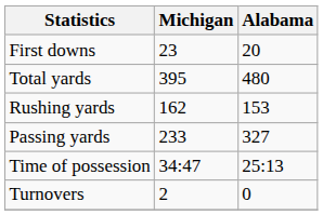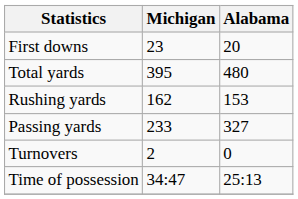 <table class="wikitable" style="float: left;">
 <tr>
 <th>Statistics</th>
 <th>Michigan</th>
 <th>Alabama</th>
 </tr>
 <tr>
 <td>First downs</td>
 <td>23</td>
 <td>20</td>
 </tr>
 <tr>
 <td>Total yards</td>
 <td>395</td>
 <td>480</td>
 </tr>
 <tr>
 <td>Rushing yards</td>
 <td>162</td>
 <td>153</td>
 </tr>
 <tr>
 <td>Passing yards</td>
 <td>233</td>
 <td>327</td>
 </tr>
 <tr>
+<td>Turnovers</td>
+<td>2</td>
+<td>0</td>
+</tr>
+<tr>
 <td>Time of possession</td>
 <td>34:47</td>
 <td>25:13</td>
 </tr>
 <tr>
-<td>Turnovers</td>
-<td>2</td>
-<td>0</td>
-</tr>
-<tr>
 </tr>
 </table>
